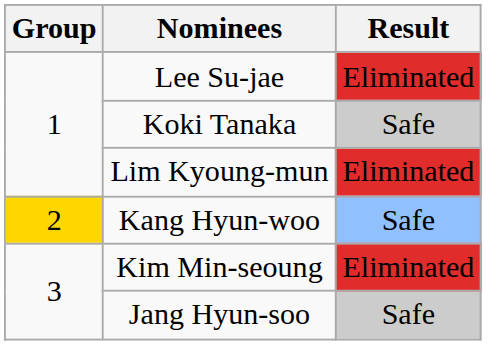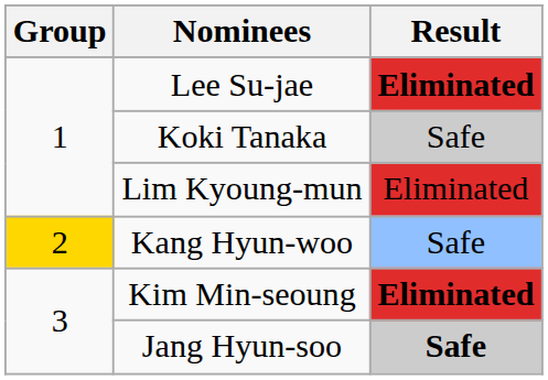 <table class="wikitable" style="text-align:center">
 <tr>
 <th>Group</th>
 <th>Nominees</th>
 <th>Result</th>
 </tr>
 <tr>
 <td rowspan="3">1</td>
 <td>Lee Su-jae</td>
-<td style="background:#E12C2C;">Eliminated</td>
+<td style="background:#E12C2C;"><strong>Eliminated</strong></td>
 </tr>
 <tr>
 <td>Koki Tanaka</td>
 <td style="background:#CCCCCC;">Safe</td>
 </tr>
 <tr>
 <td>Lim Kyoung-mun</td>
 <td style="background:#E12C2C;">Eliminated</td>
 </tr>
 <tr>
 <td style="background: gold;">2</td>
 <td>Kang Hyun-woo</td>
 <td style="background:#90C0FF;">Safe</td>
 </tr>
 <tr>
 <td rowspan="2">3</td>
 <td>Kim Min-seoung</td>
-<td style="background:#E12C2C;">Eliminated</td>
+<td style="background:#E12C2C;"><strong>Eliminated</strong></td>
 </tr>
 <tr>
 <td>Jang Hyun-soo</td>
-<td style="background:#CCCCCC;">Safe</td>
+<td style="background:#CCCCCC;"><strong>Safe</strong></td>
 </tr>
 </table>
